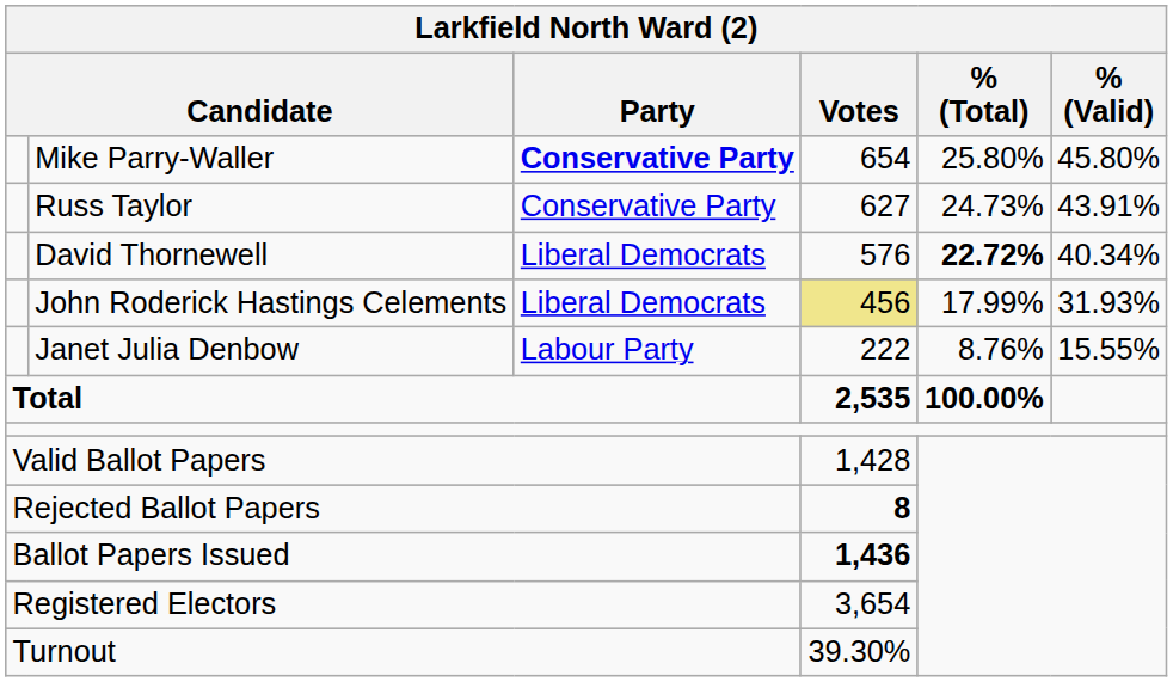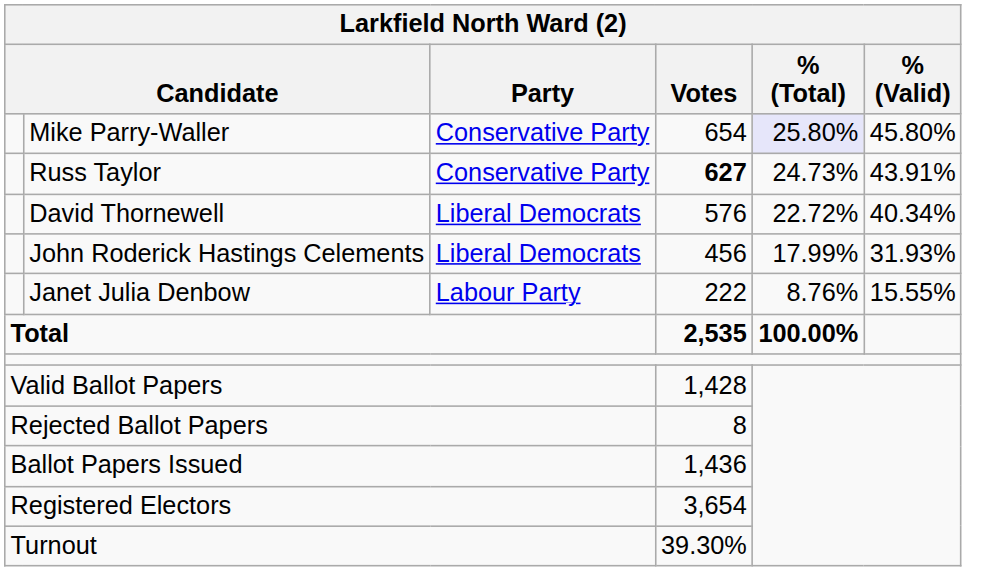 <table class="wikitable" border="1" style="text-align:right; font-size:100%">
 <tr>
 <th align=center colspan=6>Larkfield North Ward (2)</th>
 </tr>
 <tr>
 <th valign=bottom align=left colspan=2>Candidate</th>
 <th valign=bottom align=left>Party</th>
 <th valign=bottom align=center>Votes</th>
 <th align=center>%<br>(Total)</th>
 <th align=center>%<br>(Valid)</th>
 </tr>
 <tr>
 <td bgcolor=> </td>
 <td align=left>Mike Parry-Waller</td>
-<td align=left><strong><a href='#'>Conservative Party</a></strong></td>
+<td align=left><a href='#'>Conservative Party</a></td>
 <td>654</td>
-<td>25.80%</td>
+<td style="background: lavender;">25.80%</td>
 <td>45.80%</td>
 </tr>
 <tr>
 <td bgcolor=> </td>
 <td align=left>Russ Taylor</td>
 <td align=left><a href='#'>Conservative Party</a></td>
-<td>627</td>
+<td><strong>627</strong></td>
 <td>24.73%</td>
 <td>43.91%</td>
 </tr>
 <tr>
 <td bgcolor=> </td>
 <td align=left>David Thornewell</td>
 <td align=left><a href='#'>Liberal Democrats</a></td>
 <td>576</td>
-<td><strong>22.72%</strong></td>
+<td>22.72%</td>
 <td>40.34%</td>
 </tr>
 <tr>
 <td bgcolor=> </td>
 <td align=left>John Roderick Hastings Celements</td>
 <td align=left><a href='#'>Liberal Democrats</a></td>
-<td style="background: khaki;">456</td>
+<td>456</td>
 <td>17.99%</td>
 <td>31.93%</td>
 </tr>
 <tr>
 <td bgcolor=> </td>
 <td align=left>Janet Julia Denbow</td>
 <td align=left><a href='#'>Labour Party</a></td>
 <td>222</td>
 <td>8.76%</td>
 <td>15.55%</td>
 </tr>
 <tr>
 <td align=left colspan=3><strong>Total</strong></td>
 <td><strong>2,535</strong></td>
 <td><strong>100.00%</strong></td>
 <td></td>
 </tr>
 <tr>
 <td align=left colspan=6></td>
 </tr>
 <tr>
 <td align=left colspan=3>Valid Ballot Papers</td>
 <td>1,428</td>
 <td colspan=2 rowspan=5></td>
 </tr>
 <tr>
 <td align=left colspan=3>Rejected Ballot Papers</td>
-<td><strong>8</strong></td>
+<td>8</td>
 </tr>
 <tr>
 <td align=left colspan=3>Ballot Papers Issued</td>
-<td><strong>1,436</strong></td>
+<td>1,436</td>
 </tr>
 <tr>
 <td align=left colspan=3>Registered Electors</td>
 <td>3,654</td>
 </tr>
 <tr>
 <td align=left colspan=3>Turnout</td>
 <td>39.30%</td>
 </tr>
 </table>
